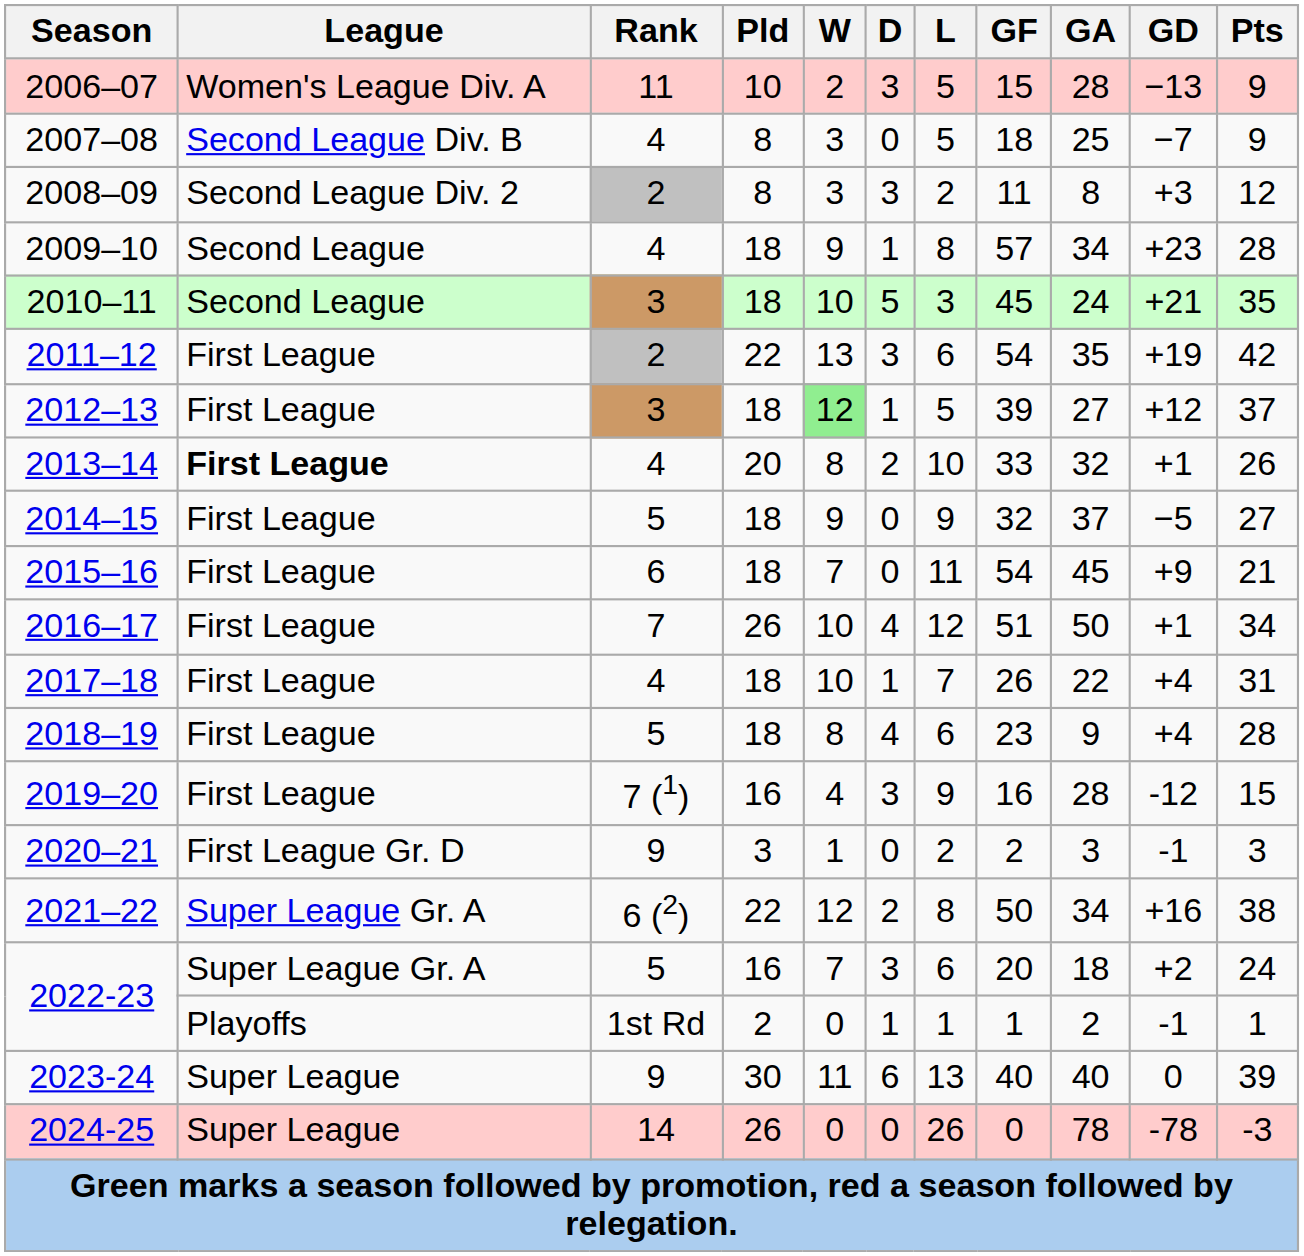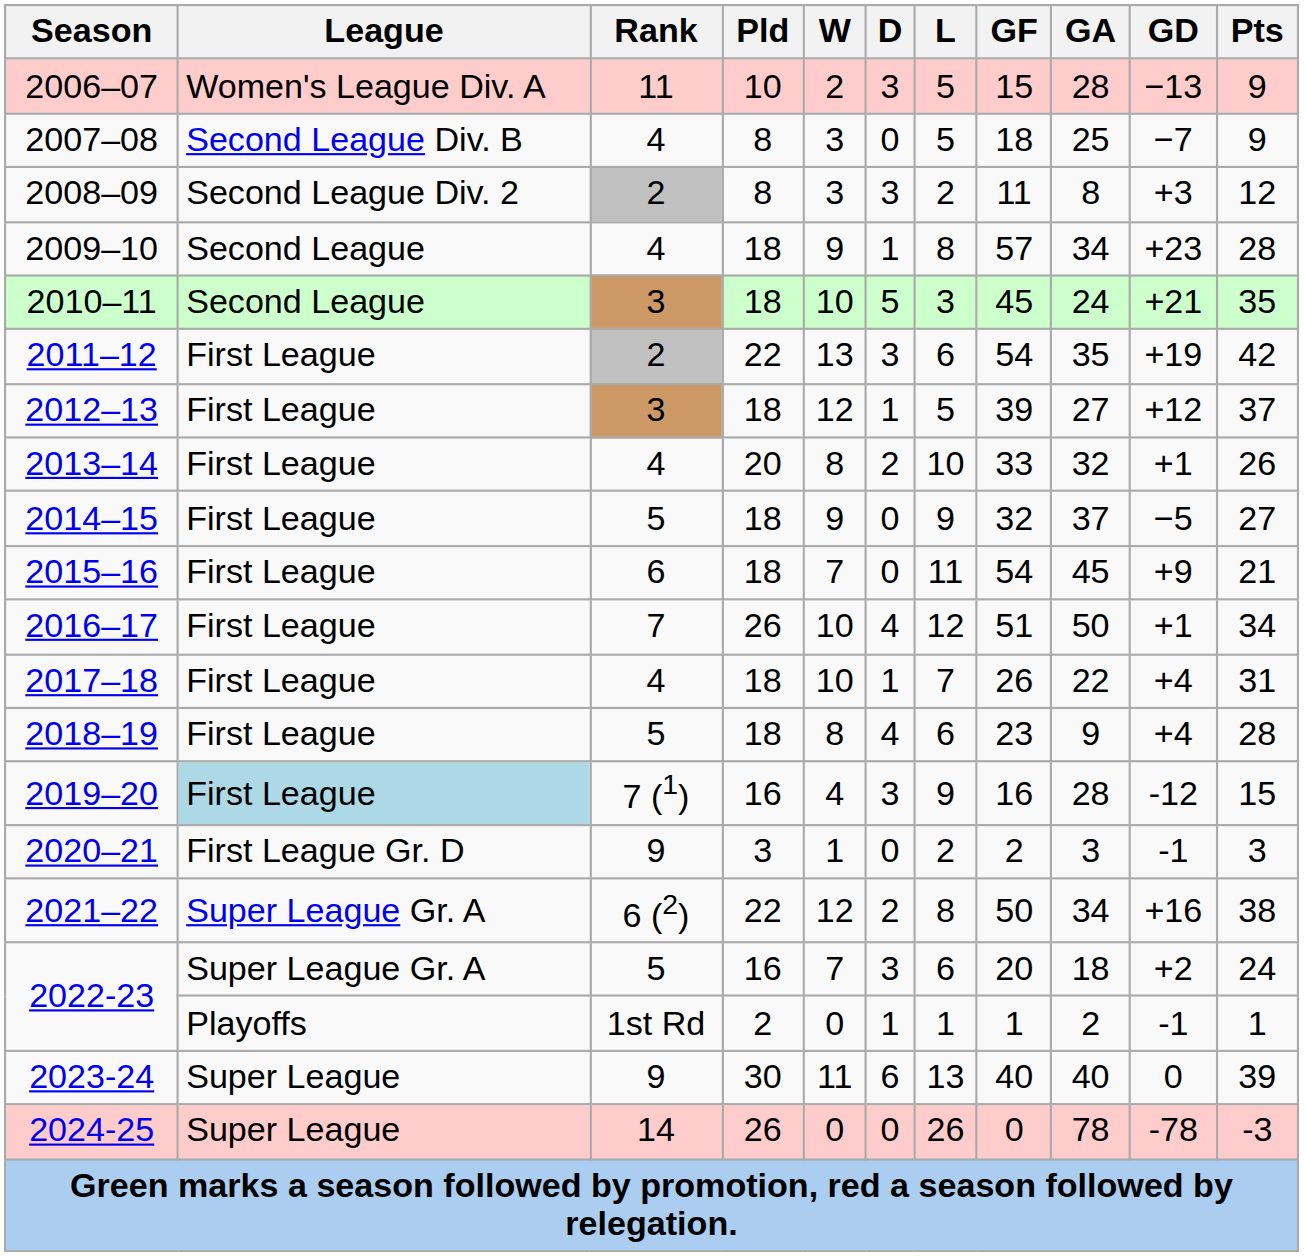 <table class="wikitable">
 <tr>
 <th>Season</th>
 <th>League</th>
 <th>Rank</th>
 <th>Pld</th>
 <th>W</th>
 <th>D</th>
 <th>L</th>
 <th>GF</th>
 <th>GA</th>
 <th>GD</th>
 <th>Pts</th>
 </tr>
 <tr align=center bgcolor=#ffcccc>
 <td>2006–07</td>
 <td align=left>Women's League Div. A</td>
 <td>11</td>
 <td>10</td>
 <td>2</td>
 <td>3</td>
 <td>5</td>
 <td>15</td>
 <td>28</td>
 <td>−13</td>
 <td>9</td>
 </tr>
 <tr align=center>
 <td>2007–08</td>
 <td align=left><a href='#'>Second League</a> Div. B</td>
 <td>4</td>
 <td>8</td>
 <td>3</td>
 <td>0</td>
 <td>5</td>
 <td>18</td>
 <td>25</td>
 <td>−7</td>
 <td>9</td>
 </tr>
 <tr align=center>
 <td>2008–09</td>
 <td align=left>Second League Div. 2</td>
 <td bgcolor=silver>2</td>
 <td>8</td>
 <td>3</td>
 <td>3</td>
 <td>2</td>
 <td>11</td>
 <td>8</td>
 <td>+3</td>
 <td>12</td>
 </tr>
 <tr align=center>
 <td>2009–10</td>
 <td align=left>Second League</td>
 <td>4</td>
 <td>18</td>
 <td>9</td>
 <td>1</td>
 <td>8</td>
 <td>57</td>
 <td>34</td>
 <td>+23</td>
 <td>28</td>
 </tr>
 <tr align=center bgcolor=#ccffcc>
 <td>2010–11</td>
 <td align=left>Second League</td>
 <td bgcolor=cc9966>3</td>
 <td>18</td>
 <td>10</td>
 <td>5</td>
 <td>3</td>
 <td>45</td>
 <td>24</td>
 <td>+21</td>
 <td>35</td>
 </tr>
 <tr align=center>
 <td><a href='#'>2011–12</a></td>
 <td align=left>First League</td>
 <td bgcolor=silver>2</td>
 <td>22</td>
 <td>13</td>
 <td>3</td>
 <td>6</td>
 <td>54</td>
 <td>35</td>
 <td>+19</td>
 <td>42</td>
 </tr>
 <tr align=center>
 <td><a href='#'>2012–13</a></td>
 <td align=left>First League</td>
 <td bgcolor=cc9966>3</td>
 <td>18</td>
-<td style="background: lightgreen;">12</td>
+<td>12</td>
 <td>1</td>
 <td>5</td>
 <td>39</td>
 <td>27</td>
 <td>+12</td>
 <td>37</td>
 </tr>
 <tr align=center>
 <td><a href='#'>2013–14</a></td>
-<td align=left><strong>First League</strong></td>
+<td align=left>First League</td>
 <td>4</td>
 <td>20</td>
 <td>8</td>
 <td>2</td>
 <td>10</td>
 <td>33</td>
 <td>32</td>
 <td>+1</td>
 <td>26</td>
 </tr>
 <tr align=center>
 <td><a href='#'>2014–15</a></td>
 <td align=left>First League</td>
 <td>5</td>
 <td>18</td>
 <td>9</td>
 <td>0</td>
 <td>9</td>
 <td>32</td>
 <td>37</td>
 <td>−5</td>
 <td>27</td>
 </tr>
 <tr align=center>
 <td><a href='#'>2015–16</a></td>
 <td align=left>First League</td>
 <td>6</td>
 <td>18</td>
 <td>7</td>
 <td>0</td>
 <td>11</td>
 <td>54</td>
 <td>45</td>
 <td>+9</td>
 <td>21</td>
 </tr>
 <tr align=center>
 <td><a href='#'>2016–17</a></td>
 <td align=left>First League</td>
 <td>7</td>
 <td>26</td>
 <td>10</td>
 <td>4</td>
 <td>12</td>
 <td>51</td>
 <td>50</td>
 <td>+1</td>
 <td>34</td>
 </tr>
 <tr align=center>
 <td><a href='#'>2017–18</a></td>
 <td align=left>First League</td>
 <td>4</td>
 <td>18</td>
 <td>10</td>
 <td>1</td>
 <td>7</td>
 <td>26</td>
 <td>22</td>
 <td>+4</td>
 <td>31</td>
 </tr>
 <tr align=center>
 <td><a href='#'>2018–19</a></td>
 <td align=left>First League</td>
 <td>5</td>
 <td>18</td>
 <td>8</td>
 <td>4</td>
 <td>6</td>
 <td>23</td>
 <td>9</td>
 <td>+4</td>
 <td>28</td>
 </tr>
 <tr align=center>
 <td><a href='#'>2019–20</a></td>
-<td align=left>First League</td>
+<td align=left style="background: lightblue;">First League</td>
 <td>7 (<sup>1</sup>)</td>
 <td>16</td>
 <td>4</td>
 <td>3</td>
 <td>9</td>
 <td>16</td>
 <td>28</td>
 <td>-12</td>
 <td>15</td>
 </tr>
 <tr align=center>
 <td><a href='#'>2020–21</a></td>
 <td align=left>First League Gr. D</td>
 <td>9</td>
 <td>3</td>
 <td>1</td>
 <td>0</td>
 <td>2</td>
 <td>2</td>
 <td>3</td>
 <td>-1</td>
 <td>3</td>
 </tr>
 <tr align=center>
 <td><a href='#'>2021–22</a></td>
 <td align=left><a href='#'>Super League</a> Gr. A</td>
 <td>6 (<sup>2</sup>)</td>
 <td>22</td>
 <td>12</td>
 <td>2</td>
 <td>8</td>
 <td>50</td>
 <td>34</td>
 <td>+16</td>
 <td>38</td>
 </tr>
 <tr align=center>
 <td rowspan=2><a href='#'>2022-23</a></td>
 <td align=left>Super League  Gr. A</td>
 <td>5</td>
 <td>16</td>
 <td>7</td>
 <td>3</td>
 <td>6</td>
 <td>20</td>
 <td>18</td>
 <td>+2</td>
 <td>24</td>
 </tr>
 <tr align=center>
 <td align=left>Playoffs</td>
 <td>1st Rd</td>
 <td>2</td>
 <td>0</td>
 <td>1</td>
 <td>1</td>
 <td>1</td>
 <td>2</td>
 <td>-1</td>
 <td>1</td>
 </tr>
 <tr align=center>
 <td><a href='#'>2023-24</a></td>
 <td align=left>Super League</td>
 <td>9</td>
 <td>30</td>
 <td>11</td>
 <td>6</td>
 <td>13</td>
 <td>40</td>
 <td>40</td>
 <td>0</td>
 <td>39</td>
 </tr>
 <tr align=center bgcolor=#ffcccc>
 <td><a href='#'>2024-25</a></td>
 <td align=left>Super League</td>
 <td>14</td>
 <td>26</td>
 <td>0</td>
 <td>0</td>
 <td>26</td>
 <td>0</td>
 <td>78</td>
 <td>-78</td>
 <td>-3</td>
 </tr>
 <tr bgcolor=#abcdef>
 <td colspan=11 align=center><strong>Green marks a season followed by promotion, red a season followed by relegation.</strong></td>
 </tr>
 </table>
